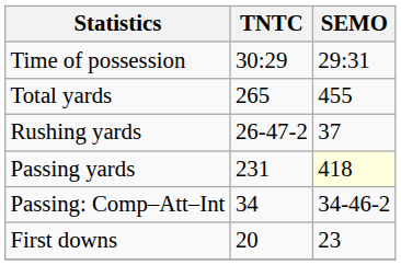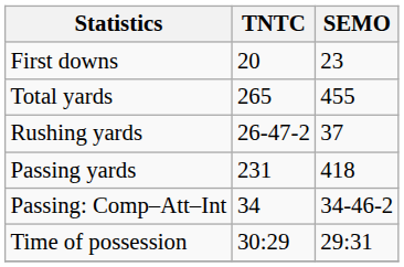 <table class="wikitable" style="float: left;">
 <tr>
 <th>Statistics</th>
 <th>TNTC</th>
 <th>SEMO</th>
 </tr>
 <tr>
-<td>Time of possession</td>
-<td>30:29</td>
-<td>29:31</td>
+<td>First downs</td>
+<td>20</td>
+<td>23</td>
 </tr>
 <tr>
 <td>Total yards</td>
 <td>265</td>
 <td>455</td>
 </tr>
 <tr>
 <td>Rushing yards</td>
 <td>26-47-2</td>
 <td>37</td>
 </tr>
 <tr>
 <td>Passing yards</td>
 <td>231</td>
-<td style="background: lightyellow;">418</td>
+<td>418</td>
 </tr>
 <tr>
 <td>Passing: Comp–Att–Int</td>
 <td>34</td>
 <td>34-46-2</td>
 </tr>
 <tr>
-<td>First downs</td>
-<td>20</td>
-<td>23</td>
+<td>Time of possession</td>
+<td>30:29</td>
+<td>29:31</td>
 </tr>
 <tr>
 </tr>
 </table>
